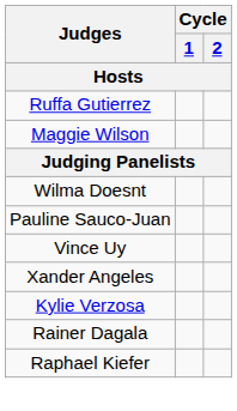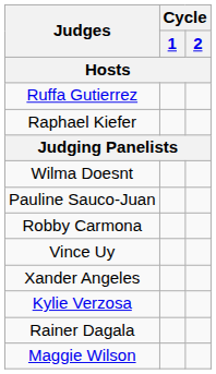 <table class="wikitable" style="text-align:center;">
 <tr>
 <th rowspan="2">Judges</th>
 <th colspan="2">Cycle</th>
 </tr>
 <tr>
 <th><a href='#'>1</a> </th>
 <th><a href='#'>2</a> </th>
 </tr>
 <tr>
 <th scope="col" colspan="3">Hosts</th>
 </tr>
 <tr>
 <td scope="row"><a href='#'>Ruffa Gutierrez</a></td>
 <td></td>
 <td></td>
 </tr>
 <tr>
-<td scope="row"><a href='#'>Maggie Wilson</a></td>
+<td scope="row">Raphael Kiefer</td>
 <td></td>
 <td></td>
 </tr>
 <tr>
 <th scope="col" colspan="3">Judging Panelists</th>
 </tr>
 <tr>
 <td scope="row">Wilma Doesnt</td>
 <td></td>
 <td></td>
 </tr>
 <tr>
 <td scope="row">Pauline Sauco-Juan</td>
+<td></td>
+<td></td>
+</tr>
+<tr>
+<td scope="row">Robby Carmona</td>
 <td></td>
 <td></td>
 </tr>
 <tr>
 <td scope="row">Vince Uy</td>
 <td></td>
 <td></td>
 </tr>
 <tr>
 <td scope="row">Xander Angeles</td>
 <td></td>
 <td></td>
 </tr>
 <tr>
 <td scope="row"><a href='#'>Kylie Verzosa</a></td>
 <td></td>
 <td></td>
 </tr>
 <tr>
 <td scope="row">Rainer Dagala</td>
 <td></td>
 <td></td>
 </tr>
 <tr>
-<td scope="row">Raphael Kiefer</td>
+<td scope="row"><a href='#'>Maggie Wilson</a></td>
 <td></td>
 <td></td>
 </tr>
 </table>
